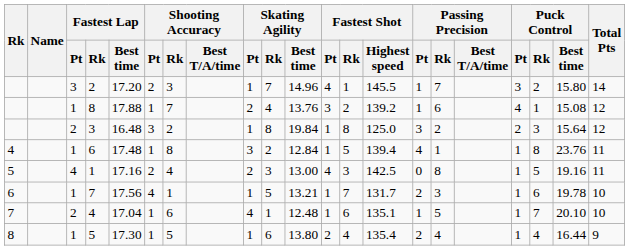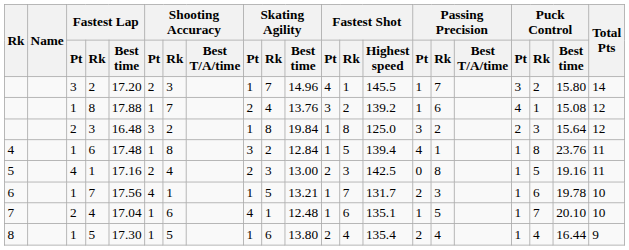 <table class="wikitable sortable">
 <tr>
 <th rowspan=2>Rk</th>
 <th rowspan=2>Name</th>
 <th colspan=3>Fastest Lap</th>
 <th colspan=3>Shooting Accuracy</th>
 <th colspan=3>Skating Agility</th>
 <th colspan=3>Fastest Shot</th>
 <th colspan=3>Passing Precision</th>
 <th colspan=3>Puck Control</th>
 <th rowspan=2>Total<br>Pts</th>
 </tr>
 <tr>
 <th>Pt</th>
 <th>Rk</th>
 <th>Best<br>time</th>
 <th>Pt</th>
 <th>Rk</th>
 <th>Best<br>T/A/time</th>
 <th>Pt</th>
 <th>Rk</th>
 <th>Best<br>time</th>
 <th>Pt</th>
 <th>Rk</th>
 <th>Highest<br>speed</th>
 <th>Pt</th>
 <th>Rk</th>
 <th>Best<br>T/A/time</th>
 <th>Pt</th>
 <th>Rk</th>
 <th>Best<br>time</th>
 </tr>
 <tr>
 <td></td>
 <td></td>
 <td>3</td>
 <td>2</td>
 <td>17.20</td>
 <td>2</td>
 <td>3</td>
 <td></td>
 <td>1</td>
 <td>7</td>
 <td>14.96</td>
 <td>4</td>
 <td>1</td>
 <td>145.5</td>
 <td>1</td>
 <td>7</td>
 <td></td>
 <td>3</td>
 <td>2</td>
 <td>15.80</td>
 <td>14</td>
 </tr>
 <tr>
 <td></td>
 <td></td>
 <td>1</td>
 <td>8</td>
 <td>17.88</td>
 <td>1</td>
 <td>7</td>
 <td></td>
 <td>2</td>
 <td>4</td>
 <td>13.76</td>
 <td>3</td>
 <td>2</td>
 <td>139.2</td>
 <td>1</td>
 <td>6</td>
 <td></td>
 <td>4</td>
 <td>1</td>
 <td>15.08</td>
 <td>12</td>
 </tr>
 <tr>
 <td></td>
 <td></td>
 <td>2</td>
 <td>3</td>
 <td>16.48</td>
 <td>3</td>
 <td>2</td>
 <td></td>
 <td>1</td>
 <td>8</td>
 <td>19.84</td>
 <td>1</td>
 <td>8</td>
 <td>125.0</td>
 <td>3</td>
 <td>2</td>
 <td></td>
 <td>2</td>
 <td>3</td>
 <td>15.64</td>
 <td>12</td>
 </tr>
 <tr>
 <td>4 </td>
 <td></td>
 <td>1</td>
 <td>6</td>
 <td>17.48</td>
 <td>1</td>
 <td>8</td>
 <td></td>
 <td>3</td>
 <td>2</td>
 <td>12.84</td>
 <td>1</td>
 <td>5</td>
 <td>139.4</td>
 <td>4</td>
 <td>1</td>
 <td></td>
 <td>1</td>
 <td>8</td>
 <td>23.76</td>
 <td>11</td>
 </tr>
 <tr>
 <td>5</td>
 <td></td>
 <td>4</td>
 <td>1</td>
 <td>17.16</td>
 <td>2</td>
 <td>4</td>
 <td></td>
 <td>2</td>
 <td>3</td>
 <td>13.00</td>
-<td>4</td>
+<td>2</td>
 <td>3</td>
 <td>142.5</td>
 <td>0</td>
 <td>8</td>
 <td></td>
 <td>1</td>
 <td>5</td>
 <td>19.16</td>
 <td>11</td>
 </tr>
 <tr>
 <td>6</td>
 <td></td>
 <td>1</td>
 <td>7</td>
 <td>17.56</td>
 <td>4</td>
 <td>1</td>
 <td></td>
 <td>1</td>
 <td>5</td>
 <td>13.21</td>
 <td>1</td>
 <td>7</td>
 <td>131.7</td>
 <td>2</td>
 <td>3</td>
 <td></td>
 <td>1</td>
 <td>6</td>
 <td>19.78</td>
 <td>10</td>
 </tr>
 <tr>
 <td>7</td>
 <td></td>
 <td>2</td>
 <td>4</td>
 <td>17.04</td>
 <td>1</td>
 <td>6</td>
 <td></td>
 <td>4</td>
 <td>1</td>
 <td>12.48</td>
 <td>1</td>
 <td>6</td>
 <td>135.1</td>
 <td>1</td>
 <td>5</td>
 <td></td>
 <td>1</td>
 <td>7</td>
 <td>20.10</td>
 <td>10</td>
 </tr>
 <tr>
 <td>8</td>
 <td></td>
 <td>1</td>
 <td>5</td>
 <td>17.30</td>
 <td>1</td>
 <td>5</td>
 <td></td>
 <td>1</td>
 <td>6</td>
 <td>13.80</td>
 <td>2</td>
 <td>4</td>
 <td>135.4</td>
 <td>2</td>
 <td>4</td>
 <td></td>
 <td>1</td>
 <td>4</td>
 <td>16.44</td>
 <td>9</td>
 </tr>
 </table>
